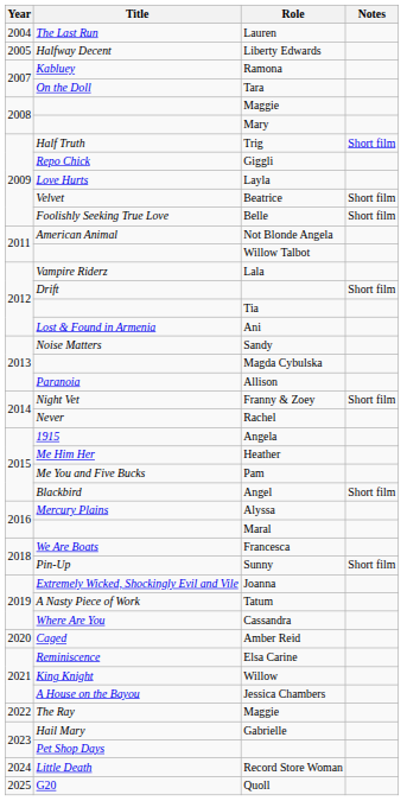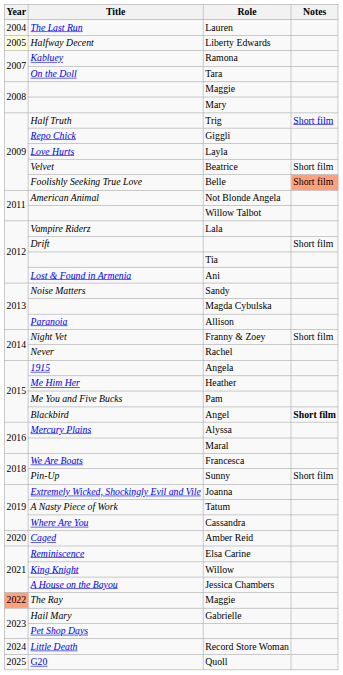 <table class="wikitable sortable">
 <tr>
 <th>Year</th>
 <th>Title</th>
 <th>Role</th>
 <th class="unsortable">Notes</th>
 </tr>
 <tr>
 <td>2004</td>
 <td data-sort-value="Last Run, The"><em><a href='#'>The Last Run</a></em></td>
 <td>Lauren</td>
 <td></td>
 </tr>
 <tr>
-<td>2005</td>
+<td style="background: lightyellow;">2005</td>
 <td><em>Halfway Decent</em></td>
 <td>Liberty Edwards</td>
 <td></td>
 </tr>
 <tr>
 <td rowspan="2">2007</td>
 <td><em><a href='#'>Kabluey</a></em></td>
 <td>Ramona</td>
 <td></td>
 </tr>
 <tr>
 <td><em><a href='#'>On the Doll</a></em></td>
 <td>Tara</td>
 <td></td>
 </tr>
 <tr>
 <td rowspan="2">2008</td>
 <td><em></em></td>
 <td>Maggie</td>
 <td></td>
 </tr>
 <tr>
 <td><em></em></td>
 <td>Mary</td>
 <td></td>
 </tr>
 <tr>
 <td rowspan="5">2009</td>
 <td><em>Half Truth</em></td>
 <td>Trig</td>
 <td><a href='#'>Short film</a></td>
 </tr>
 <tr>
 <td><em><a href='#'>Repo Chick</a></em></td>
 <td>Giggli</td>
 <td></td>
 </tr>
 <tr>
 <td><em><a href='#'>Love Hurts</a></em></td>
 <td>Layla</td>
 <td></td>
 </tr>
 <tr>
 <td><em>Velvet</em></td>
 <td>Beatrice</td>
 <td>Short film</td>
 </tr>
 <tr>
 <td><em>Foolishly Seeking True Love</em></td>
 <td>Belle</td>
-<td>Short film</td>
+<td style="background: lightsalmon;">Short film</td>
 </tr>
 <tr>
 <td rowspan="2">2011</td>
 <td><em>American Animal</em></td>
 <td>Not Blonde Angela</td>
 <td></td>
 </tr>
 <tr>
 <td><em></em></td>
 <td>Willow Talbot</td>
 <td></td>
 </tr>
 <tr>
 <td rowspan="4">2012</td>
 <td><em>Vampire Riderz</em></td>
 <td>Lala</td>
 <td></td>
 </tr>
 <tr>
 <td><em>Drift</em></td>
 <td></td>
 <td>Short film</td>
 </tr>
 <tr>
 <td><em></em></td>
 <td>Tia</td>
 <td></td>
 </tr>
 <tr>
 <td><em><a href='#'>Lost & Found in Armenia</a></em></td>
 <td>Ani</td>
 <td></td>
 </tr>
 <tr>
 <td rowspan="3">2013</td>
 <td><em>Noise Matters</em></td>
 <td>Sandy</td>
 <td></td>
 </tr>
 <tr>
 <td><em></em></td>
 <td>Magda Cybulska</td>
 <td></td>
 </tr>
 <tr>
 <td><em><a href='#'>Paranoia</a></em></td>
 <td>Allison</td>
 <td></td>
 </tr>
 <tr>
 <td rowspan="2">2014</td>
 <td><em>Night Vet</em></td>
 <td>Franny & Zoey</td>
 <td>Short film</td>
 </tr>
 <tr>
 <td><em>Never</em></td>
 <td>Rachel</td>
 <td></td>
 </tr>
 <tr>
 <td rowspan="4">2015</td>
 <td><em><a href='#'>1915</a></em></td>
 <td>Angela</td>
 <td></td>
 </tr>
 <tr>
 <td><em><a href='#'>Me Him Her</a></em></td>
 <td>Heather</td>
 <td></td>
 </tr>
 <tr>
 <td><em>Me You and Five Bucks</em></td>
 <td>Pam</td>
 <td></td>
 </tr>
 <tr>
 <td><em>Blackbird</em></td>
 <td>Angel</td>
-<td>Short film</td>
+<td><strong>Short film</strong></td>
 </tr>
 <tr>
 <td rowspan="2">2016</td>
 <td><em><a href='#'>Mercury Plains</a></em></td>
 <td>Alyssa</td>
 <td></td>
 </tr>
 <tr>
 <td><em></em></td>
 <td>Maral</td>
 <td></td>
 </tr>
 <tr>
 <td rowspan="2">2018</td>
 <td><em><a href='#'>We Are Boats</a></em></td>
 <td>Francesca</td>
 <td></td>
 </tr>
 <tr>
 <td><em>Pin-Up</em></td>
 <td>Sunny</td>
 <td>Short film</td>
 </tr>
 <tr>
 <td rowspan="3">2019</td>
 <td><em><a href='#'>Extremely Wicked, Shockingly Evil and Vile</a></em></td>
 <td>Joanna</td>
 <td></td>
 </tr>
 <tr>
 <td data-sort-value="Nasty Piece of Work, A"><em>A Nasty Piece of Work</em></td>
 <td>Tatum</td>
 <td></td>
 </tr>
 <tr>
 <td><em><a href='#'>Where Are You</a></em></td>
 <td>Cassandra</td>
 <td></td>
 </tr>
 <tr>
 <td>2020</td>
 <td><em><a href='#'>Caged</a></em></td>
 <td>Amber Reid</td>
 <td></td>
 </tr>
 <tr>
 <td rowspan="3">2021</td>
 <td><em><a href='#'>Reminiscence</a></em></td>
 <td>Elsa Carine</td>
 <td></td>
 </tr>
 <tr>
 <td><em><a href='#'>King Knight</a></em></td>
 <td>Willow</td>
 <td></td>
 </tr>
 <tr>
 <td data-sort-value="House on the Bayou, The"><em><a href='#'>A House on the Bayou</a></em></td>
 <td>Jessica Chambers</td>
 <td></td>
 </tr>
 <tr>
-<td>2022</td>
+<td style="background: lightsalmon;">2022</td>
 <td data-sort-value="Ray, The"><em>The Ray</em></td>
 <td>Maggie</td>
 <td></td>
 </tr>
 <tr>
 <td rowspan="2">2023</td>
 <td><em>Hail Mary</em></td>
 <td>Gabrielle</td>
 <td></td>
 </tr>
 <tr>
 <td><em><a href='#'>Pet Shop Days</a></em></td>
 <td></td>
 <td></td>
 </tr>
 <tr>
 <td>2024</td>
 <td><em><a href='#'>Little Death</a></em></td>
 <td>Record Store Woman</td>
 <td></td>
 </tr>
 <tr>
 <td>2025</td>
 <td><a href='#'>G20</a></td>
 <td>Quoll</td>
 <td></td>
 </tr>
 </table>
